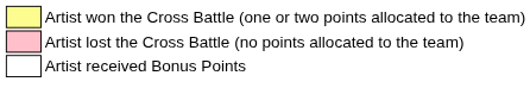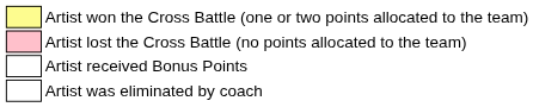 <table class="toccolours" style="font-size: 90%; white-space: nowrap;”">
 <tr>
 <td style="background:#fdfc8f; border:1px solid black;">       </td>
 <td>Artist won the Cross Battle (one or two points allocated to the team)</td>
 </tr>
 <tr>
 <td style="background:pink; border:1px solid black;">       </td>
 <td>Artist lost the Cross Battle (no points allocated to the team)</td>
 </tr>
 <tr>
 <td style="background:white; border:1px solid black;">  <strong></strong>  </td>
 <td>Artist received Bonus Points</td>
 </tr>
 <tr>
+<td style="background:white; border:1px solid black;">  <strong></strong>  </td>
+<td>Artist was eliminated by coach</td>
+</tr>
+<tr>
 </tr>
 </table>
